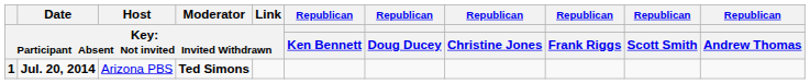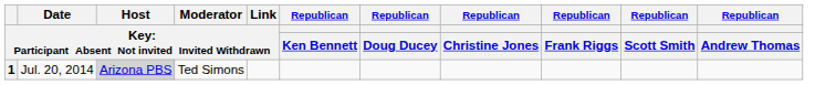 <table class="wikitable" style="text-align:center;">
 <tr>
 <th scope="col"></th>
 <th scope="col">Date</th>
 <th scope="col">Host</th>
 <th scope="col">Moderator</th>
 <th scope="col">Link</th>
 <th scope="col"><small><a href='#'>Republican</a></small></th>
 <th scope="col"><small><a href='#'>Republican</a></small></th>
 <th scope="col"><small><a href='#'>Republican</a></small></th>
 <th scope="col"><small><a href='#'>Republican</a></small></th>
 <th scope="col"><small><a href='#'>Republican</a></small></th>
 <th scope="col"><small><a href='#'>Republican</a></small></th>
 </tr>
 <tr>
 <th colspan="5" rowspan="2">Key:<br> <small>Participant </small>  <small>Absent </small>  <small>Not invited </small>  <small>Invited  Withdrawn</small></th>
 <th scope="col" style="background:"></th>
 <th scope="col" style="background:"></th>
 <th scope="col" style="background:"></th>
 <th scope="col" style="background:"></th>
 <th scope="col" style="background:"></th>
 <th scope="col" style="background:"></th>
 </tr>
 <tr>
 <th scope="col"><a href='#'>Ken Bennett</a></th>
 <th scope="col"><a href='#'>Doug Ducey</a></th>
 <th scope="col"><a href='#'>Christine Jones</a></th>
 <th scope="col"><a href='#'>Frank Riggs</a></th>
 <th scope="col"><a href='#'>Scott Smith</a></th>
 <th scope="col"><a href='#'>Andrew Thomas</a></th>
 </tr>
 <tr>
 <th>1</th>
-<td style="white-space:nowrap;"><strong>Jul. 20, 2014</strong></td>
-<td style="white-space:nowrap;"><a href='#'>Arizona PBS</a></td>
-<td style="white-space:nowrap;"><strong>Ted Simons</strong></td>
+<td style="white-space:nowrap;">Jul. 20, 2014</td>
+<td style="background: lightgrey; white-space:nowrap;"><a href='#'>Arizona PBS</a></td>
+<td style="white-space:nowrap;">Ted Simons</td>
 <td style="white-space:nowrap;"></td>
 <td></td>
 <td></td>
 <td></td>
 <td></td>
 <td></td>
 <td></td>
 </tr>
 </table>
